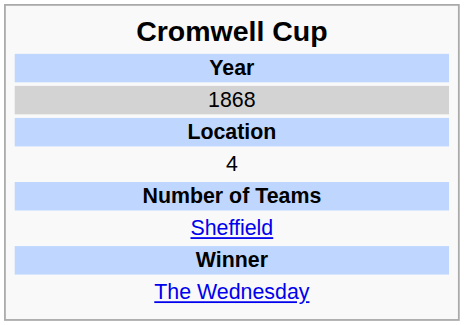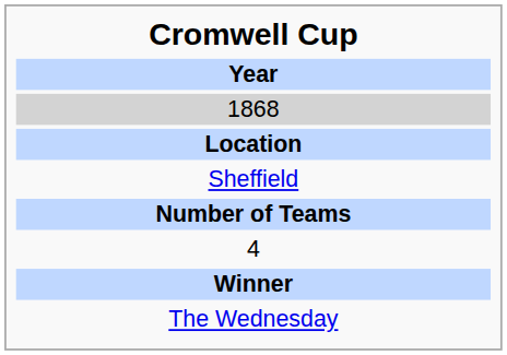 <table class="infobox football" style="width: 16em; text-align: center;">
 <tr>
 <th style="font-size: 16px;">Cromwell Cup</th>
 </tr>
 <tr>
 <td style="font-size: 12px; background: #BFD7FF;"><strong>Year</strong></td>
 </tr>
 <tr>
 <td style="background: lightgrey; font-size: 12px;">1868</td>
 </tr>
 <tr>
 <td style="font-size: 12px; background: #BFD7FF;"><strong>Location</strong></td>
 </tr>
 <tr>
-<td style="font-size: 12px;">4</td>
+<td style="font-size: 12px;"><a href='#'>Sheffield</a></td>
 </tr>
 <tr>
 <td style="font-size: 12px; background: #BFD7FF;"><strong>Number of Teams</strong></td>
 </tr>
 <tr>
-<td style="font-size: 12px;"><a href='#'>Sheffield</a></td>
+<td style="font-size: 12px;">4</td>
 </tr>
 <tr>
 <td style="font-size: 12px; background: #BFD7FF;"><strong>Winner</strong></td>
 </tr>
 <tr>
 <td style="font-size: 12px;"><a href='#'>The Wednesday</a></td>
 </tr>
 <tr>
 </tr>
 </table>
